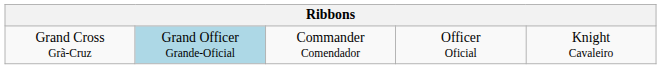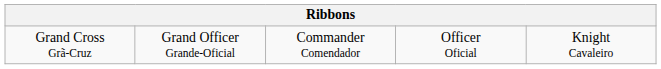 <table class="wikitable" style="width:60%; margin:auto;">
 <tr>
 <th colspan=5>Ribbons</th>
 </tr>
 <tr>
 <td width=20% valign=top align=center>Grand Cross<br><small>Grã-Cruz</small></td>
-<td width=20% valign=top align=center style="background: lightblue;">Grand Officer<br><small>Grande-Oficial</small></td>
+<td width=20% valign=top align=center>Grand Officer<br><small>Grande-Oficial</small></td>
 <td width=20% valign=top align=center>Commander<br><small>Comendador</small></td>
 <td width=20% valign=top align=center>Officer<br><small>Oficial</small></td>
 <td width=20% valign=top align=center>Knight<br><small>Cavaleiro</small></td>
 </tr>
 </table>
